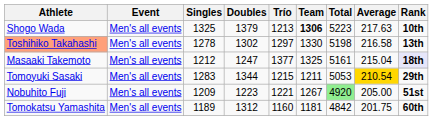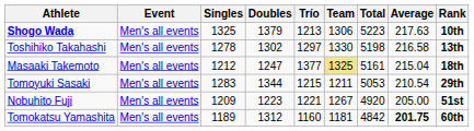 <table class="wikitable" border="1" style="font-size:90%">
 <tr>
 <th>Athlete</th>
 <th>Event</th>
 <th>Singles</th>
 <th>Doubles</th>
 <th>Trío</th>
 <th>Team</th>
 <th>Total</th>
 <th>Average</th>
 <th>Rank</th>
 </tr>
 <tr>
-<td><a href='#'>Shogo Wada</a></td>
+<td><strong><a href='#'>Shogo Wada</a></strong></td>
 <td><a href='#'>Men's all events</a></td>
 <td align=center>1325</td>
 <td align=center>1379</td>
 <td align=center>1213</td>
-<td align=center><strong>1306</strong></td>
+<td align=center>1306</td>
 <td align=center>5223</td>
 <td align=center>217.63</td>
 <td align=center><strong>10th</strong></td>
 </tr>
 <tr>
-<td style="background: lightsalmon;"><a href='#'>Toshihiko Takahashi</a></td>
+<td><a href='#'>Toshihiko Takahashi</a></td>
 <td><a href='#'>Men's all events</a></td>
 <td align=center>1278</td>
 <td align=center>1302</td>
 <td align=center>1297</td>
 <td align=center>1330</td>
 <td align=center>5198</td>
 <td align=center>216.58</td>
 <td align=center><strong>13th</strong></td>
 </tr>
 <tr>
 <td><a href='#'>Masaaki Takemoto</a></td>
 <td><a href='#'>Men's all events</a></td>
 <td align=center>1212</td>
 <td align=center>1247</td>
 <td align=center>1377</td>
-<td align=center>1325</td>
+<td align=center style="background: khaki;">1325</td>
 <td align=center>5161</td>
 <td align=center>215.04</td>
-<td align=center style="background: lavender;"><strong>18th</strong></td>
+<td align=center><strong>18th</strong></td>
 </tr>
 <tr>
 <td><a href='#'>Tomoyuki Sasaki</a></td>
 <td><a href='#'>Men's all events</a></td>
 <td align=center>1283</td>
 <td align=center>1344</td>
 <td align=center>1215</td>
 <td align=center>1211</td>
 <td align=center>5053</td>
-<td align=center style="background: gold;">210.54</td>
+<td align=center>210.54</td>
 <td align=center><strong>29th</strong></td>
 </tr>
 <tr>
 <td><a href='#'>Nobuhito Fuji</a></td>
 <td><a href='#'>Men's all events</a></td>
 <td align=center>1209</td>
 <td align=center>1223</td>
 <td align=center>1221</td>
 <td align=center>1267</td>
-<td align=center style="background: lightgreen;">4920</td>
+<td align=center>4920</td>
 <td align=center>205.00</td>
 <td align=center><strong>51st</strong></td>
 </tr>
 <tr>
 <td><a href='#'>Tomokatsu Yamashita</a></td>
 <td><a href='#'>Men's all events</a></td>
 <td align=center>1189</td>
 <td align=center>1312</td>
 <td align=center>1160</td>
 <td align=center>1181</td>
 <td align=center>4842</td>
-<td align=center>201.75</td>
+<td align=center><strong>201.75</strong></td>
 <td align=center><strong>60th</strong></td>
 </tr>
 </table>
